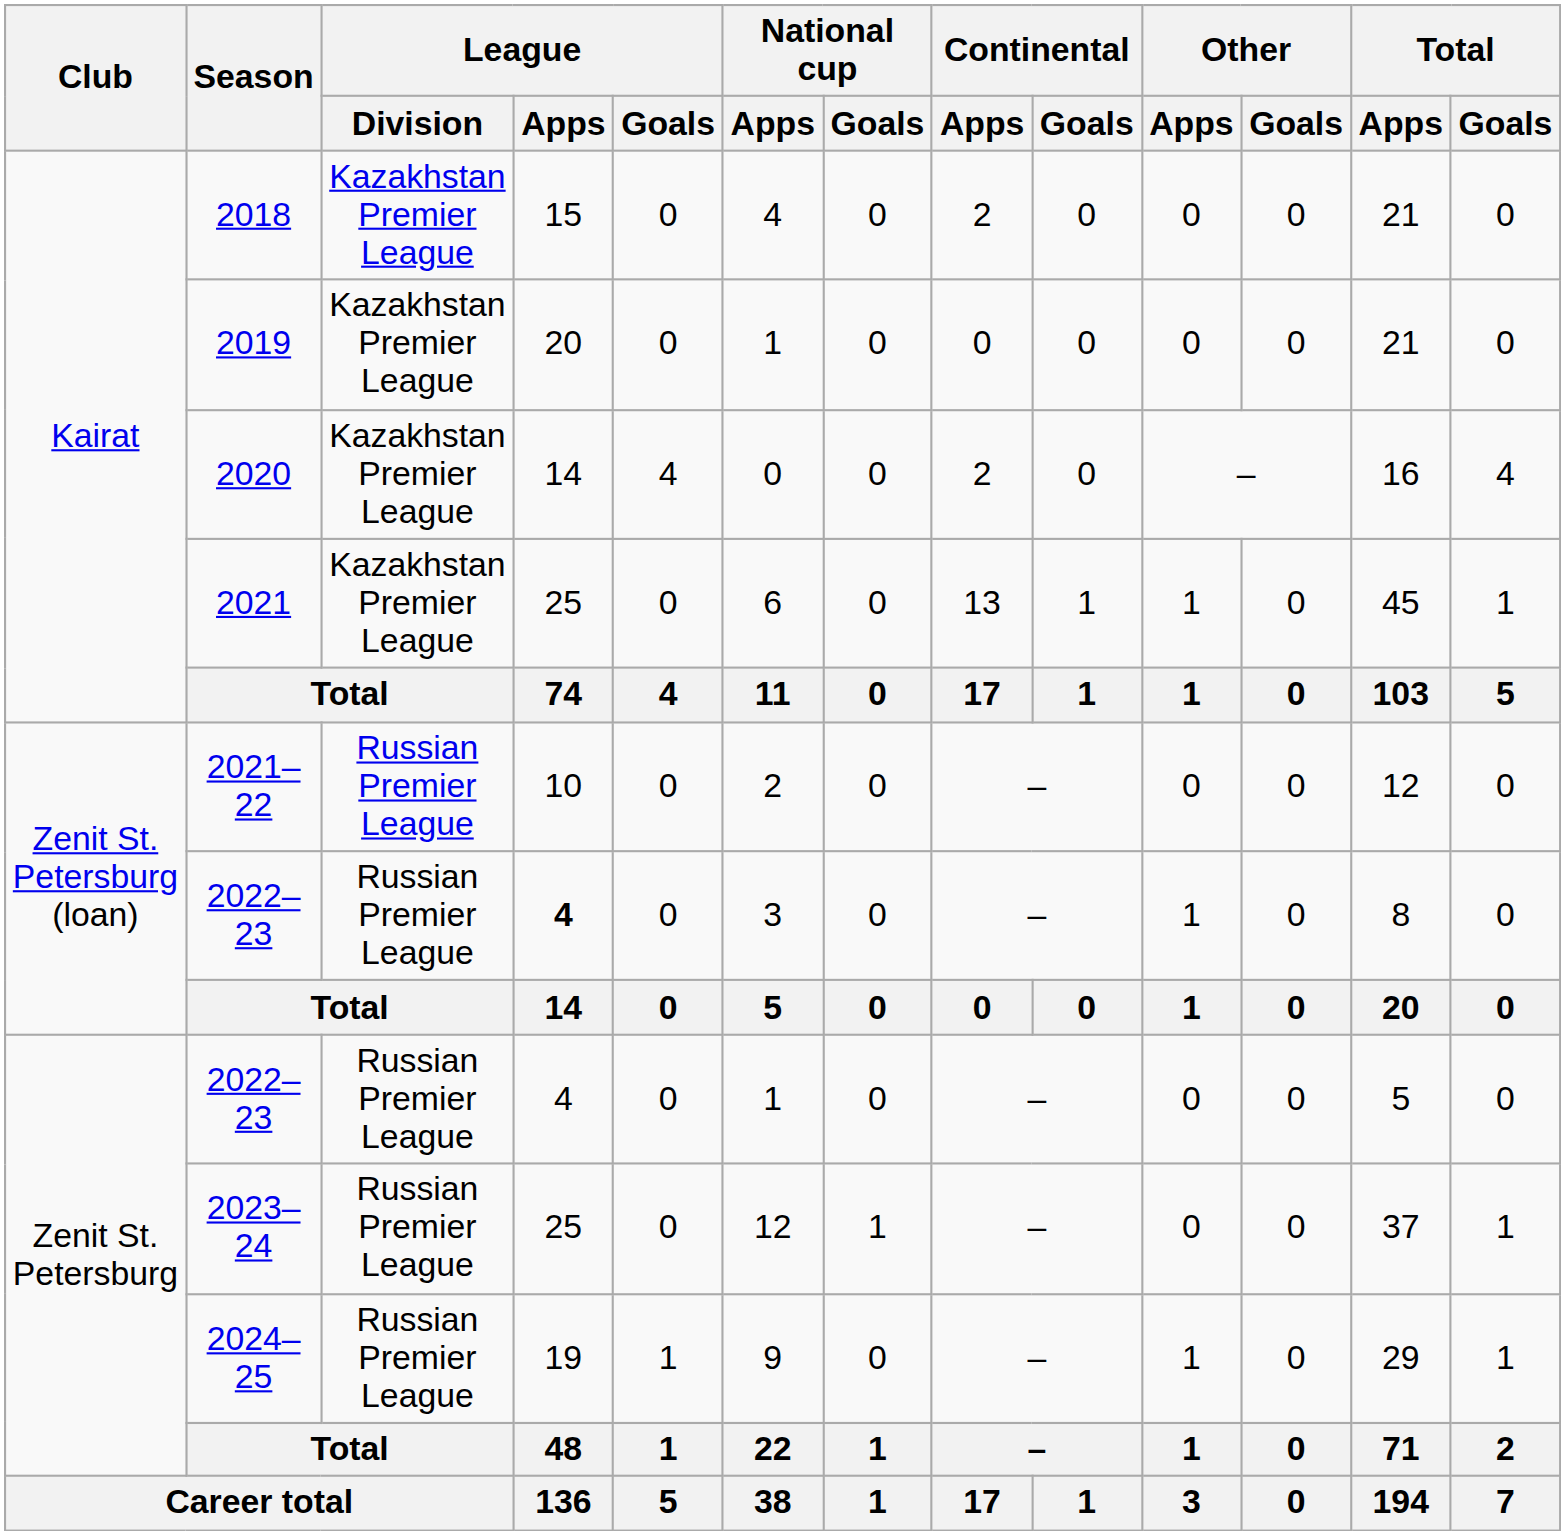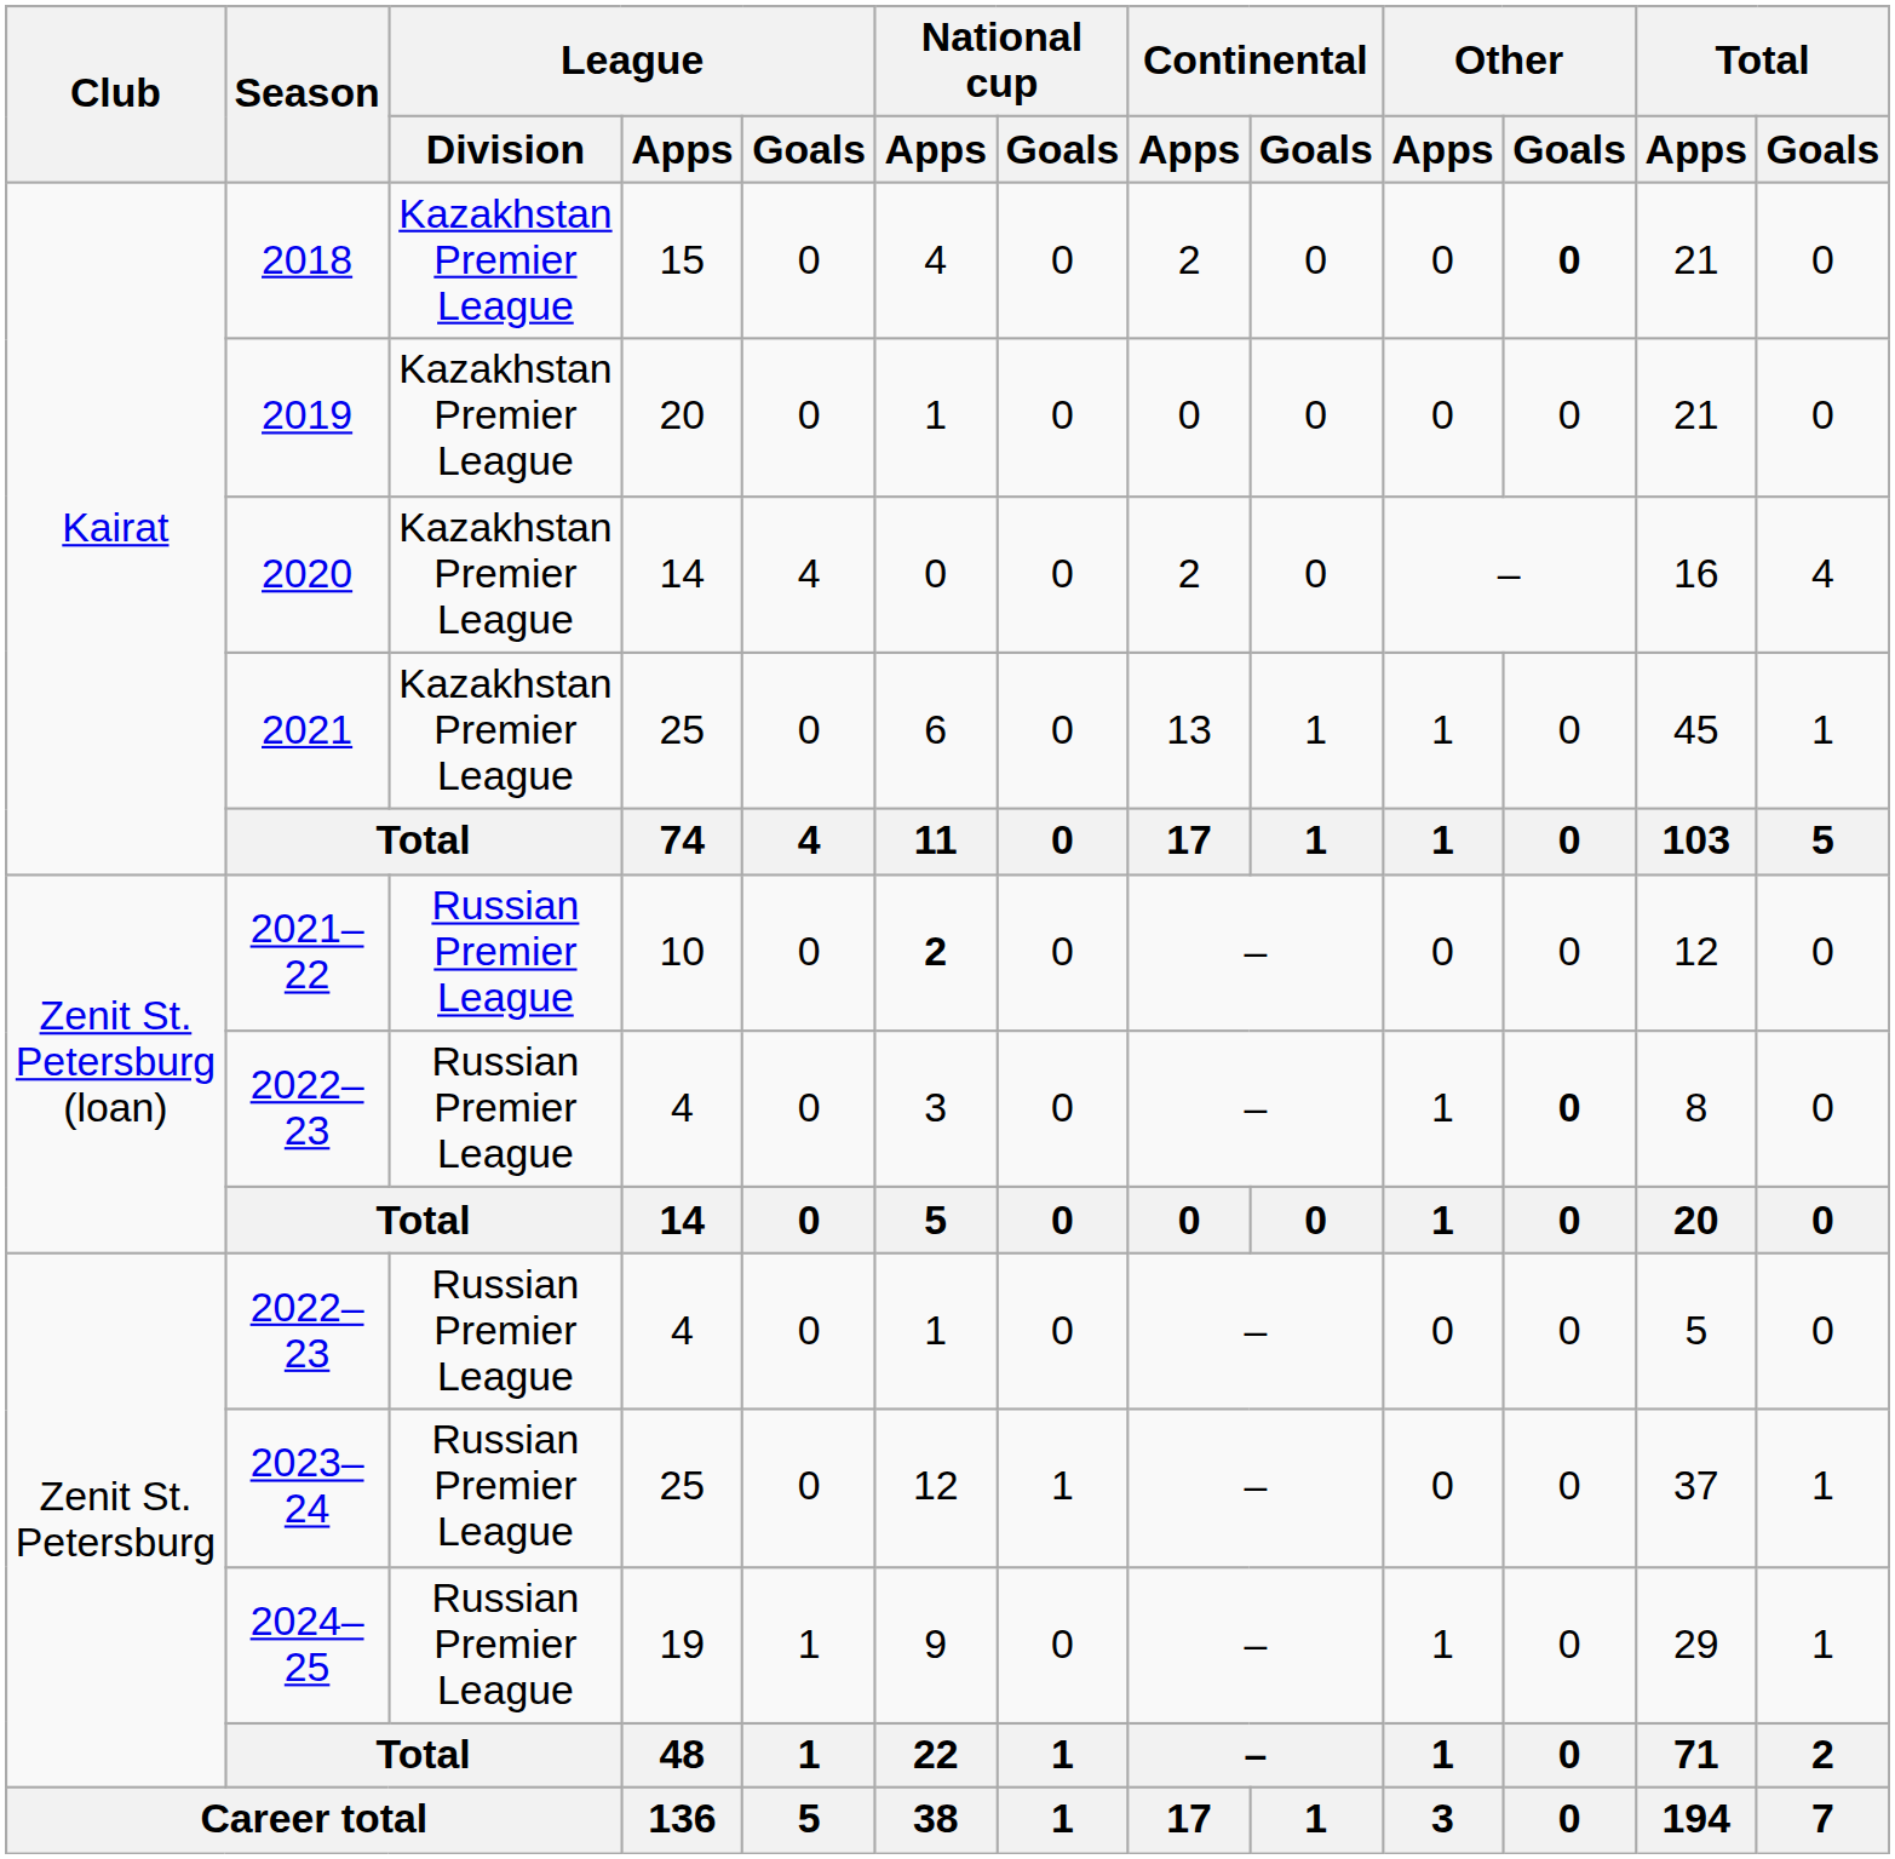 <table class="wikitable" style="text-align: center;">
 <tr>
 <th rowspan="2">Club</th>
 <th rowspan="2">Season</th>
 <th colspan="3">League</th>
 <th colspan="2">National cup</th>
 <th colspan="2">Continental</th>
 <th colspan="2">Other</th>
 <th colspan="2">Total</th>
 </tr>
 <tr>
 <th>Division</th>
 <th>Apps</th>
 <th>Goals</th>
 <th>Apps</th>
 <th>Goals</th>
 <th>Apps</th>
 <th>Goals</th>
 <th>Apps</th>
 <th>Goals</th>
 <th>Apps</th>
 <th>Goals</th>
 </tr>
 <tr>
 <td rowspan="5" valign="center"><a href='#'>Kairat</a></td>
 <td><a href='#'>2018</a></td>
 <td><a href='#'>Kazakhstan Premier League</a></td>
 <td>15</td>
 <td>0</td>
 <td>4</td>
 <td>0</td>
 <td>2</td>
 <td>0</td>
 <td>0</td>
-<td>0</td>
+<td><strong>0</strong></td>
 <td>21</td>
 <td>0</td>
 </tr>
 <tr>
 <td><a href='#'>2019</a></td>
 <td>Kazakhstan Premier League</td>
 <td>20</td>
 <td>0</td>
 <td>1</td>
 <td>0</td>
 <td>0</td>
 <td>0</td>
 <td>0</td>
 <td>0</td>
 <td>21</td>
 <td>0</td>
 </tr>
 <tr>
 <td><a href='#'>2020</a></td>
 <td>Kazakhstan Premier League</td>
 <td>14</td>
 <td>4</td>
 <td>0</td>
 <td>0</td>
 <td>2</td>
 <td>0</td>
 <td colspan="2">–</td>
 <td>16</td>
 <td>4</td>
 </tr>
 <tr>
 <td><a href='#'>2021</a></td>
 <td>Kazakhstan Premier League</td>
 <td>25</td>
 <td>0</td>
 <td>6</td>
 <td>0</td>
 <td>13</td>
 <td>1</td>
 <td>1</td>
 <td>0</td>
 <td>45</td>
 <td>1</td>
 </tr>
 <tr>
 <th colspan="2">Total</th>
 <th>74</th>
 <th>4</th>
 <th>11</th>
 <th>0</th>
 <th>17</th>
 <th>1</th>
 <th>1</th>
 <th>0</th>
 <th>103</th>
 <th>5</th>
 </tr>
 <tr>
 <td valign="center" rowspan="3"><a href='#'>Zenit St. Petersburg</a> (loan)</td>
 <td><a href='#'>2021–22</a></td>
 <td><a href='#'>Russian Premier League</a></td>
 <td>10</td>
 <td>0</td>
-<td>2</td>
+<td><strong>2</strong></td>
 <td>0</td>
 <td colspan=2>–</td>
 <td>0</td>
 <td>0</td>
 <td>12</td>
 <td>0</td>
 </tr>
 <tr>
 <td><a href='#'>2022–23</a></td>
 <td>Russian Premier League</td>
-<td><strong>4</strong></td>
+<td>4</td>
 <td>0</td>
 <td>3</td>
 <td>0</td>
 <td colspan=2>–</td>
 <td>1</td>
-<td>0</td>
+<td><strong>0</strong></td>
 <td>8</td>
 <td>0</td>
 </tr>
 <tr>
 <th colspan="2">Total</th>
 <th>14</th>
 <th>0</th>
 <th>5</th>
 <th>0</th>
 <th>0</th>
 <th>0</th>
 <th>1</th>
 <th>0</th>
 <th>20</th>
 <th>0</th>
 </tr>
 <tr>
 <td rowspan="4">Zenit St. Petersburg</td>
 <td><a href='#'>2022–23</a></td>
 <td>Russian Premier League</td>
 <td>4</td>
 <td>0</td>
 <td>1</td>
 <td>0</td>
 <td colspan=2>–</td>
 <td>0</td>
 <td>0</td>
 <td>5</td>
 <td>0</td>
 </tr>
 <tr>
 <td><a href='#'>2023–24</a></td>
 <td>Russian Premier League</td>
 <td>25</td>
 <td>0</td>
 <td>12</td>
 <td>1</td>
 <td colspan=2>–</td>
 <td>0</td>
 <td>0</td>
 <td>37</td>
 <td>1</td>
 </tr>
 <tr>
 <td><a href='#'>2024–25</a></td>
 <td>Russian Premier League</td>
 <td>19</td>
 <td>1</td>
 <td>9</td>
 <td>0</td>
 <td colspan=2>–</td>
 <td>1</td>
 <td>0</td>
 <td>29</td>
 <td>1</td>
 </tr>
 <tr>
 <th colspan="2">Total</th>
 <th>48</th>
 <th>1</th>
 <th>22</th>
 <th>1</th>
 <th colspan=2>–</th>
 <th>1</th>
 <th>0</th>
 <th>71</th>
 <th>2</th>
 </tr>
 <tr>
 <th colspan="3">Career total</th>
 <th>136</th>
 <th>5</th>
 <th>38</th>
 <th>1</th>
 <th>17</th>
 <th>1</th>
 <th>3</th>
 <th>0</th>
 <th>194</th>
 <th>7</th>
 </tr>
 </table>
